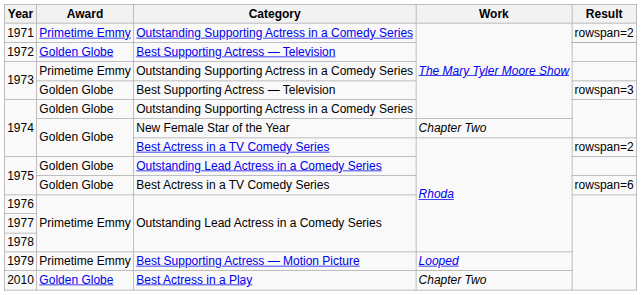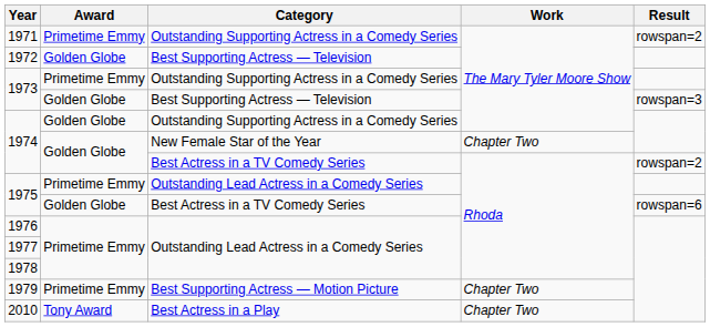 <table class="wikitable">
 <tr>
 <th>Year</th>
 <th>Award</th>
 <th>Category</th>
 <th>Work</th>
 <th>Result</th>
 </tr>
 <tr>
 <td>1971</td>
 <td rowspan=2><a href='#'>Primetime Emmy</a></td>
 <td rowspan=2><a href='#'>Outstanding Supporting Actress in a Comedy Series</a></td>
 <td rowspan=6><em><a href='#'>The Mary Tyler Moore Show</a></em></td>
 <td>rowspan=2 </td>
 </tr>
 <tr>
 <td rowspan=2>1972</td>
 </tr>
 <tr>
 <td><a href='#'>Golden Globe</a></td>
 <td><a href='#'>Best Supporting Actress — Television</a></td>
 <td></td>
 </tr>
 <tr>
 <td rowspan=2>1973</td>
 <td>Primetime Emmy</td>
 <td>Outstanding Supporting Actress in a Comedy Series</td>
 <td></td>
 </tr>
 <tr>
 <td>Golden Globe</td>
 <td>Best Supporting Actress — Television</td>
 <td>rowspan=3 </td>
 </tr>
 <tr>
 <td rowspan=3>1974</td>
 <td>Golden Globe</td>
 <td>Outstanding Supporting Actress in a Comedy Series</td>
 </tr>
 <tr>
 <td rowspan=2>Golden Globe</td>
 <td>New Female Star of the Year</td>
 <td><em>Chapter Two</em></td>
 </tr>
 <tr>
 <td><a href='#'>Best Actress in a TV Comedy Series</a></td>
 <td rowspan=6><em><a href='#'>Rhoda</a></em></td>
 <td>rowspan=2 </td>
 </tr>
 <tr>
 <td rowspan=2>1975</td>
-<td>Golden Globe</td>
+<td>Primetime Emmy</td>
 <td><a href='#'>Outstanding Lead Actress in a Comedy Series</a></td>
 </tr>
 <tr>
 <td>Golden Globe</td>
 <td>Best Actress in a TV Comedy Series</td>
 <td>rowspan=6 </td>
 </tr>
 <tr>
 <td>1976</td>
 <td rowspan=3>Primetime Emmy</td>
 <td rowspan=3>Outstanding Lead Actress in a Comedy Series</td>
 </tr>
 <tr>
 <td>1977</td>
 </tr>
 <tr>
 <td>1978</td>
 </tr>
 <tr>
 <td>1979</td>
 <td>Primetime Emmy</td>
 <td><a href='#'>Best Supporting Actress — Motion Picture</a></td>
-<td><em><a href='#'>Looped</a></em></td>
+<td><em>Chapter Two</em></td>
 </tr>
 <tr>
 <td>2010</td>
-<td><a href='#'>Golden Globe</a></td>
+<td><a href='#'>Tony Award</a></td>
 <td><a href='#'>Best Actress in a Play</a></td>
 <td><em>Chapter Two</em></td>
 </tr>
 </table>
